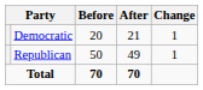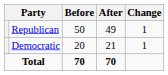 <table class="wikitable" style="text-align:center;">
 <tr>
 <th colspan="2">Party</th>
 <th>Before</th>
 <th>After</th>
 <th>Change</th>
 </tr>
 <tr>
 <th style="background-color:"></th>
-<td style="text-align:left;"><a href='#'>Democratic</a></td>
-<td>20</td>
-<td>21</td>
+<td style="text-align:left;"><a href='#'>Republican</a></td>
+<td>50</td>
+<td>49</td>
 <td> 1</td>
 </tr>
 <tr>
 <th style="background-color:"></th>
-<td style="text-align:left;"><a href='#'>Republican</a></td>
-<td>50</td>
-<td>49</td>
+<td style="text-align:left;"><a href='#'>Democratic</a></td>
+<td>20</td>
+<td>21</td>
 <td> 1</td>
 </tr>
 <tr>
 <td colspan="2"><strong>Total</strong></td>
 <td><strong>70</strong></td>
 <td><strong>70</strong></td>
 <td></td>
 </tr>
 </table>
